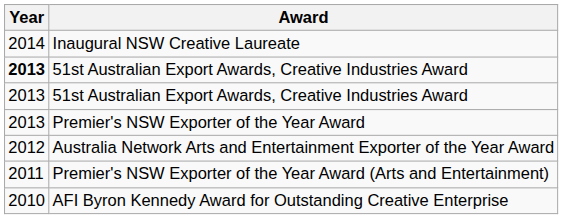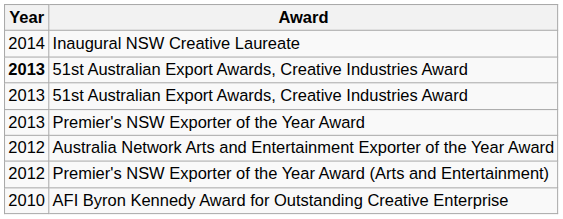 <table class="wikitable">
 <tr>
 <th>Year</th>
 <th>Award</th>
 </tr>
 <tr>
 <td>2014</td>
 <td>Inaugural NSW Creative Laureate</td>
 </tr>
 <tr>
 <td><strong>2013</strong></td>
 <td>51st Australian Export Awards, Creative Industries Award</td>
 </tr>
 <tr>
 <td>2013</td>
 <td>51st Australian Export Awards, Creative Industries Award</td>
 </tr>
 <tr>
 <td>2013</td>
 <td>Premier's NSW Exporter of the Year Award</td>
 </tr>
 <tr>
 <td>2012</td>
 <td>Australia Network Arts and Entertainment Exporter of the Year Award</td>
 </tr>
 <tr>
-<td>2011</td>
+<td>2012</td>
 <td>Premier's NSW Exporter of the Year Award (Arts and Entertainment)</td>
 </tr>
 <tr>
 <td>2010</td>
 <td>AFI Byron Kennedy Award for Outstanding Creative Enterprise</td>
 </tr>
 </table>
